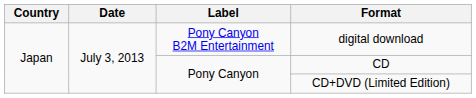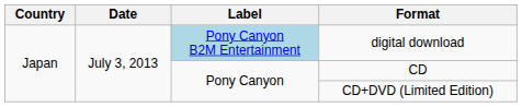 <table class="wikitable" style="width:50%; text-align:center">
 <tr>
 <th>Country</th>
 <th>Date</th>
 <th>Label</th>
 <th>Format</th>
 </tr>
 <tr>
 <td rowspan=3>Japan</td>
 <td rowspan=3>July 3, 2013</td>
-<td><a href='#'>Pony Canyon</a><br><a href='#'>B2M Entertainment</a></td>
+<td style="background: lightblue;"><a href='#'>Pony Canyon</a><br><a href='#'>B2M Entertainment</a></td>
 <td>digital download</td>
 </tr>
 <tr>
 <td rowspan=2>Pony Canyon</td>
 <td>CD</td>
 </tr>
 <tr>
 <td>CD+DVD (Limited Edition)</td>
 </tr>
 </table>
